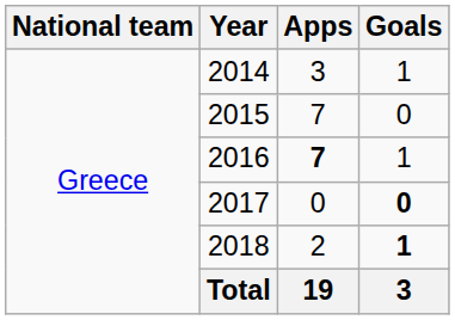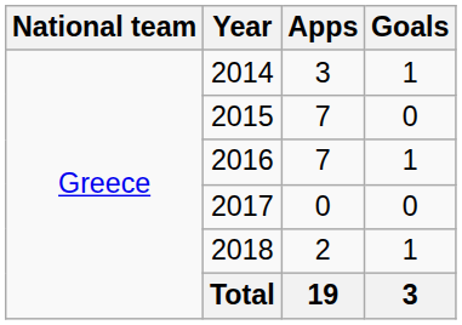 <table class="wikitable" style="text-align:center">
 <tr>
 <th>National team</th>
 <th>Year</th>
 <th>Apps</th>
 <th>Goals</th>
 </tr>
 <tr>
 <td rowspan="6"><a href='#'>Greece</a></td>
 <td>2014</td>
 <td>3</td>
 <td>1</td>
 </tr>
 <tr>
 <td>2015</td>
 <td>7</td>
 <td>0</td>
 </tr>
 <tr>
 <td>2016</td>
-<td><strong>7</strong></td>
+<td>7</td>
 <td>1</td>
 </tr>
 <tr>
 <td>2017</td>
 <td>0</td>
-<td><strong>0</strong></td>
+<td>0</td>
 </tr>
 <tr>
 <td>2018</td>
 <td>2</td>
-<td><strong>1</strong></td>
+<td>1</td>
 </tr>
 <tr>
 <th>Total</th>
 <th>19</th>
 <th>3</th>
 </tr>
 </table>
